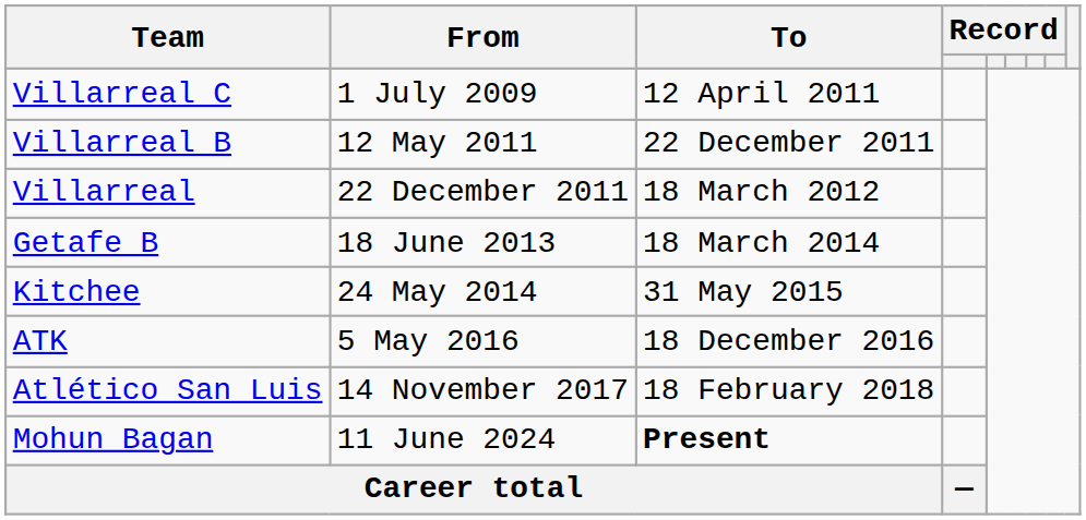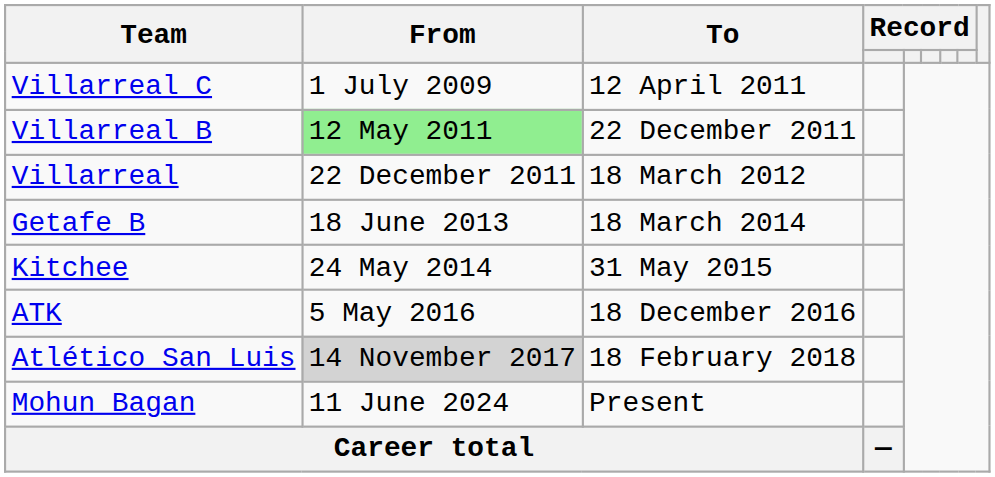 <table class=wikitable style="text-align: center">
 <tr>
 <th rowspan=2>Team</th>
 <th rowspan=2>From</th>
 <th rowspan=2>To</th>
 <th colspan=5>Record</th>
 <th rowspan=2></th>
 </tr>
 <tr>
 <th></th>
 <th></th>
 <th></th>
 <th></th>
 <th></th>
 </tr>
 <tr>
 <td align=left><a href='#'>Villarreal C</a></td>
 <td align=left>1 July 2009</td>
 <td align=left>12 April 2011<br></td>
 <td></td>
 </tr>
 <tr>
 <td align=left><a href='#'>Villarreal B</a></td>
-<td align=left>12 May 2011</td>
+<td align=left style="background: lightgreen;">12 May 2011</td>
 <td align=left>22 December 2011<br></td>
 <td></td>
 </tr>
 <tr>
 <td align=left><a href='#'>Villarreal</a></td>
 <td align=left>22 December 2011</td>
 <td align=left>18 March 2012<br></td>
 <td></td>
 </tr>
 <tr>
 <td align=left><a href='#'>Getafe B</a></td>
 <td align=left>18 June 2013</td>
 <td align=left>18 March 2014<br></td>
 <td></td>
 </tr>
 <tr>
 <td align=left><a href='#'>Kitchee</a></td>
 <td align=left>24 May 2014</td>
 <td align=left>31 May 2015<br></td>
 <td></td>
 </tr>
 <tr>
 <td align=left><a href='#'>ATK</a></td>
 <td align=left>5 May 2016</td>
 <td align=left>18 December 2016<br></td>
 <td></td>
 </tr>
 <tr>
 <td align=left><a href='#'>Atlético San Luis</a></td>
-<td align=left>14 November 2017</td>
+<td align=left style="background: lightgrey;">14 November 2017</td>
 <td align=left>18 February 2018<br></td>
 <td></td>
 </tr>
 <tr>
 <td align=left><a href='#'>Mohun Bagan</a></td>
 <td align=left>11 June 2024</td>
-<td align=left><strong>Present<br></strong></td>
+<td align=left>Present<br></td>
 <td></td>
 </tr>
 <tr>
 <th colspan=3>Career total<br></th>
 <th>—</th>
 </tr>
 </table>
